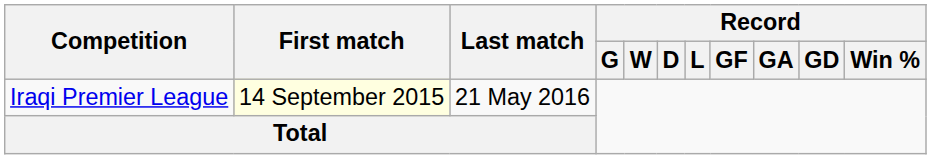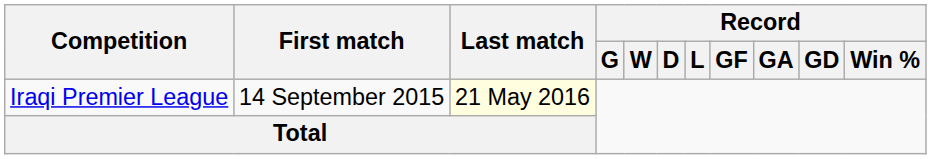 <table class="wikitable" style="text-align: center">
 <tr>
 <th rowspan="2">Competition</th>
 <th rowspan="2">First match</th>
 <th rowspan="2">Last match</th>
 <th colspan="8">Record</th>
 </tr>
 <tr>
 <th>G</th>
 <th>W</th>
 <th>D</th>
 <th>L</th>
 <th>GF</th>
 <th>GA</th>
 <th>GD</th>
 <th>Win %</th>
 </tr>
 <tr>
 <td align=left><a href='#'>Iraqi Premier League</a></td>
-<td align=left style="background: lightyellow;">14 September 2015</td>
-<td align=left>21 May 2016<br></td>
+<td align=left>14 September 2015</td>
+<td align=left style="background: lightyellow;">21 May 2016<br></td>
 </tr>
 <tr>
 <th colspan="3">Total<br></th>
 </tr>
 </table>
